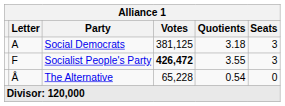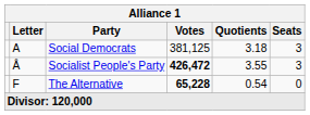 <table class="wikitable">
 <tr>
 <th colspan="6">Alliance 1</th>
 </tr>
 <tr>
 <th></th>
 <th>Letter</th>
 <th>Party</th>
 <th>Votes</th>
 <th>Quotients</th>
 <th>Seats</th>
 </tr>
 <tr>
 <td></td>
 <td style="text-align:left;">A</td>
 <td style="text-align:left;"><a href='#'>Social Democrats</a></td>
 <td style="text-align:right;">381,125</td>
 <td style="text-align:right;">3.18</td>
 <td style="text-align:right;">3</td>
 </tr>
 <tr>
 <td></td>
-<td style="text-align:left;">F</td>
+<td style="text-align:left;">Å</td>
 <td style="text-align:left;"><a href='#'>Socialist People's Party</a></td>
 <td style="text-align:right;"><strong>426,472</strong></td>
 <td style="text-align:right;">3.55</td>
 <td style="text-align:right;">3</td>
 </tr>
 <tr>
 <td></td>
-<td style="text-align:left;">Å</td>
+<td style="text-align:left;">F</td>
 <td style="text-align:left;"><a href='#'>The Alternative</a></td>
-<td style="text-align:right;">65,228</td>
+<td style="text-align:right;"><strong>65,228</strong></td>
 <td style="text-align:right;">0.54</td>
 <td style="text-align:right;">0</td>
 </tr>
 <tr style="background-color:#E9E9E9">
 <td colspan="6" style="text-align:left;"><strong>Divisor: 120,000</strong></td>
 </tr>
 </table>
